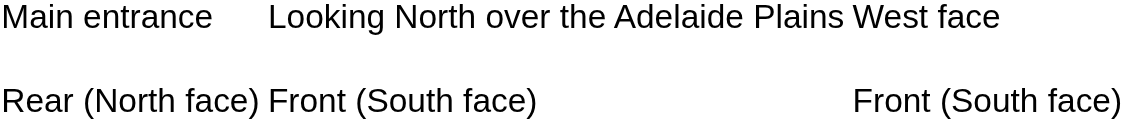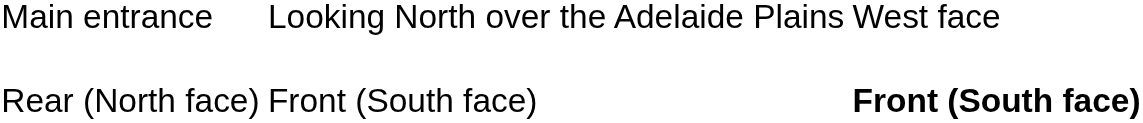 <table>
 <tr valign=bottom>
 <td><br> Main entrance</td>
 <td><br> Looking North over the Adelaide Plains</td>
 <td><br> West face</td>
 </tr>
 <tr valign=bottom>
 <td><br> Rear (North face)</td>
 <td><br> Front (South face)</td>
-<td><br> Front (South face)</td>
+<td><strong><br> Front (South face)</strong></td>
 </tr>
 </table>
